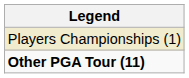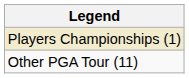 <table class="wikitable" style="font-size:95%;">
 <tr>
 <th>Legend</th>
 </tr>
 <tr style="background:#f2ecce;">
 <td>Players Championships (1)</td>
 </tr>
 <tr>
-<td><strong>Other PGA Tour (11)</strong></td>
+<td>Other PGA Tour (11)</td>
 </tr>
 </table>
